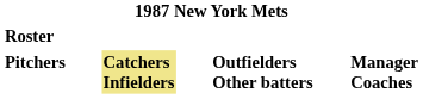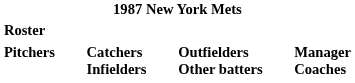 <table class="toccolours" style="font-size: 95%;">
 <tr>
 <th colspan="10">1987 New York Mets</th>
 </tr>
 <tr>
 <td colspan="10"><strong>Roster</strong></td>
 </tr>
 <tr>
 <td valign="top"><strong>Pitchers</strong><br>                 </td>
 <td width="25px"></td>
-<td valign="top" style="background: khaki;"><strong>Catchers</strong><br>  <strong>Infielders</strong>           </td>
+<td valign="top"><strong>Catchers</strong><br>  <strong>Infielders</strong>           </td>
 <td width="25px"></td>
 <td valign="top"><strong>Outfielders</strong><br>      <strong>Other batters</strong>  </td>
 <td width="25px"></td>
 <td valign="top"><strong>Manager</strong><br> <strong>Coaches</strong>     </td>
 </tr>
 </table>
